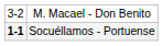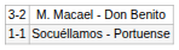 <table class="wikitable">
 <tr align=center bgcolor=white>
 <td>3-2</td>
 <td>M. Macael - Don Benito</td>
 </tr>
 <tr align=center bgcolor=#F5F5F5>
-<td><strong>1-1</strong></td>
+<td>1-1</td>
 <td>Socuéllamos - Portuense</td>
 </tr>
 </table>
